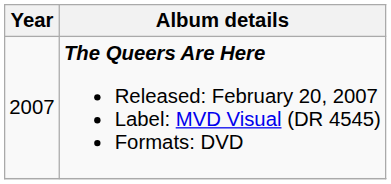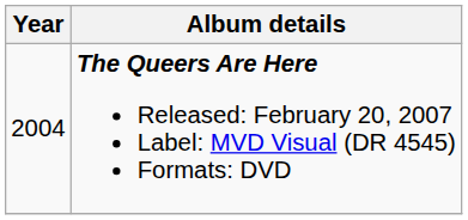 <table class ="wikitable">
 <tr>
 <th>Year</th>
 <th>Album details</th>
 </tr>
 <tr>
-<td>2007</td>
+<td>2004</td>
 <td><strong><em>The Queers Are Here</em></strong><br><ul><li>Released: February 20, 2007</li><li>Label: <a href='#'>MVD Visual</a> (DR 4545)</li><li>Formats: DVD</li></ul></td>
 </tr>
 <tr>
 </tr>
 </table>
